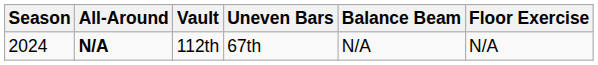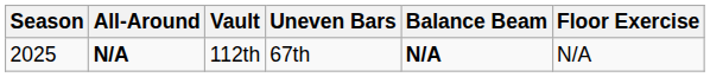 <table class="wikitable">
 <tr>
 <th>Season</th>
 <th>All-Around</th>
 <th>Vault</th>
 <th>Uneven Bars</th>
 <th>Balance Beam</th>
 <th>Floor Exercise</th>
 </tr>
 <tr>
-<td>2024</td>
+<td>2025</td>
 <td><strong>N/A</strong></td>
 <td>112th</td>
 <td>67th</td>
-<td>N/A</td>
+<td><strong>N/A</strong></td>
 <td>N/A</td>
 </tr>
 </table>
